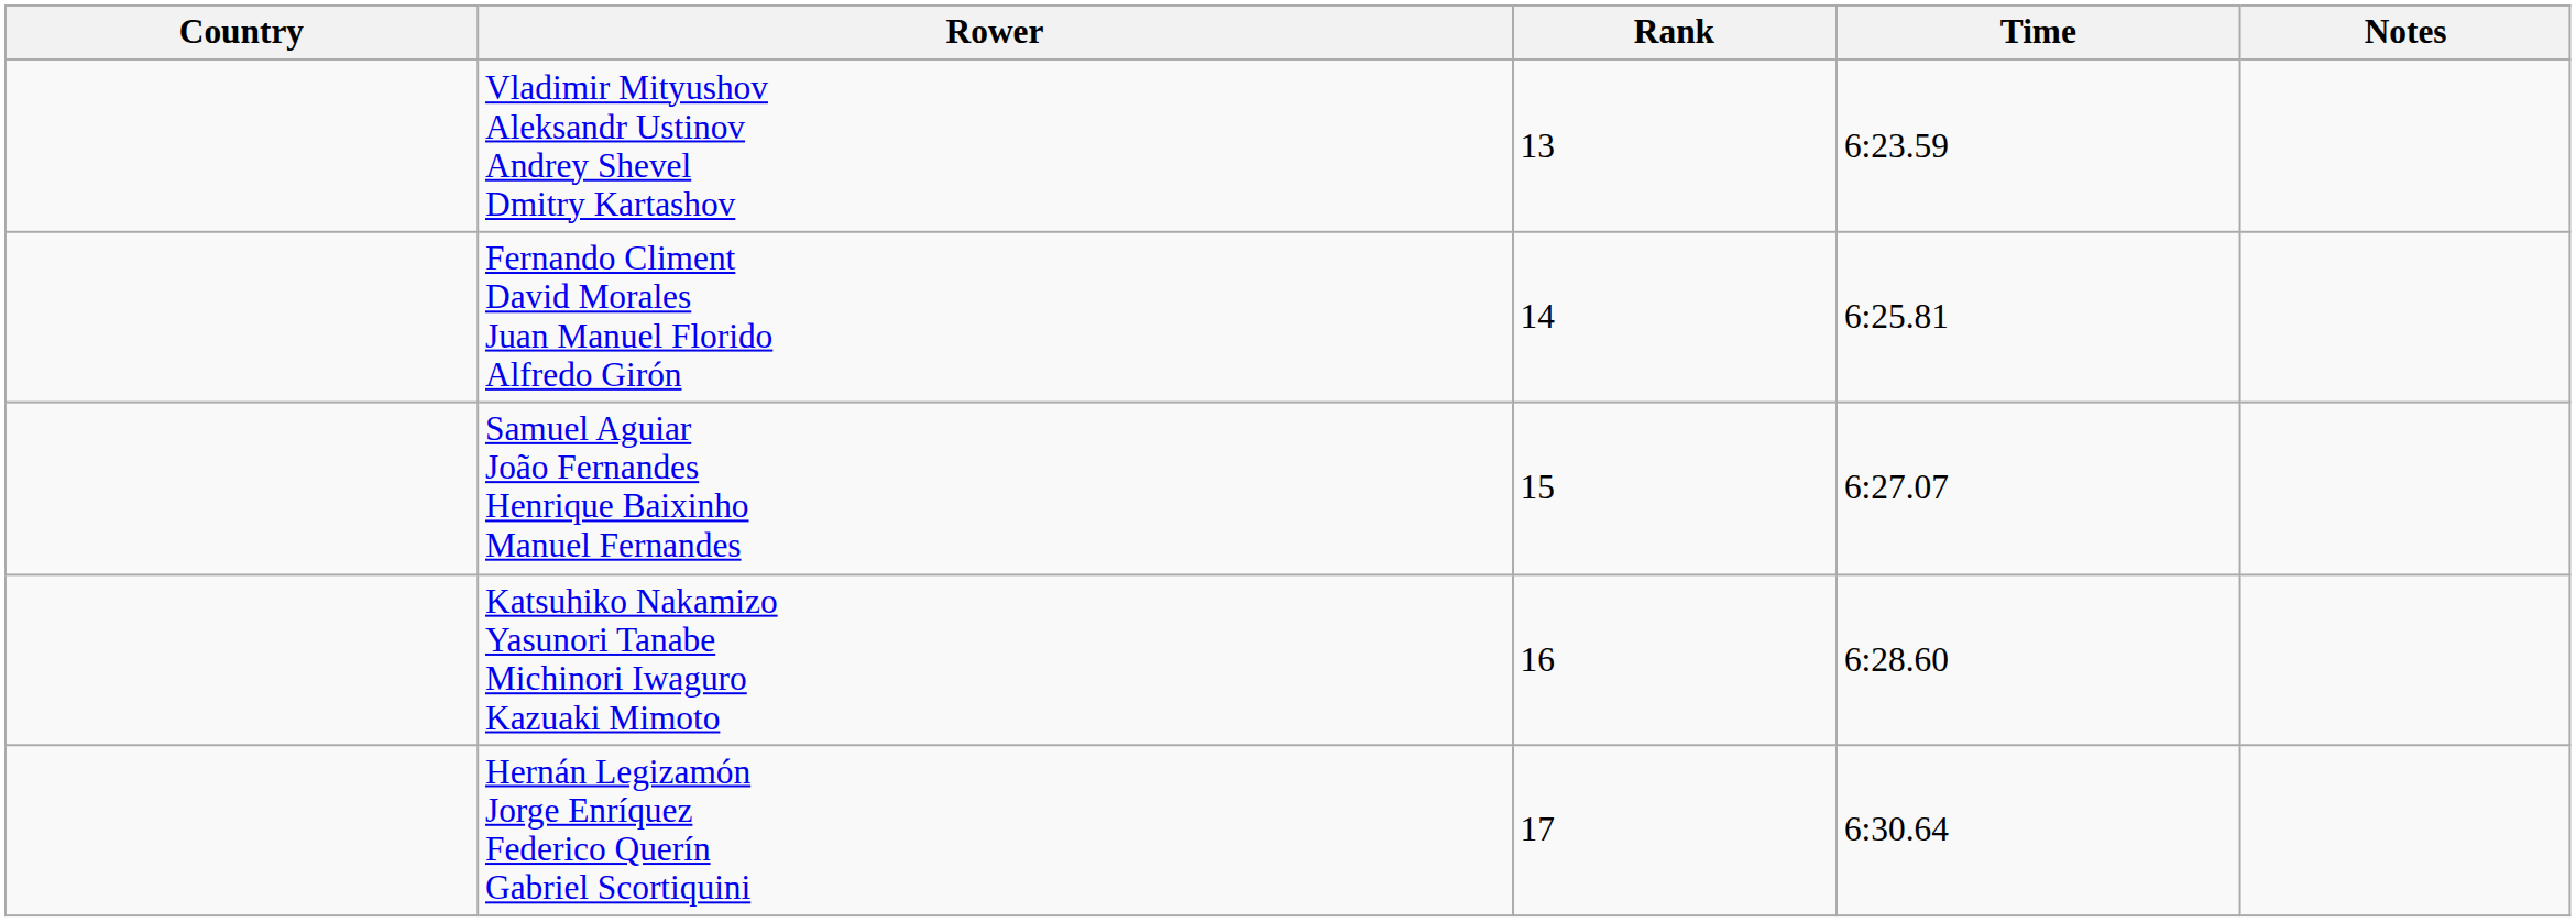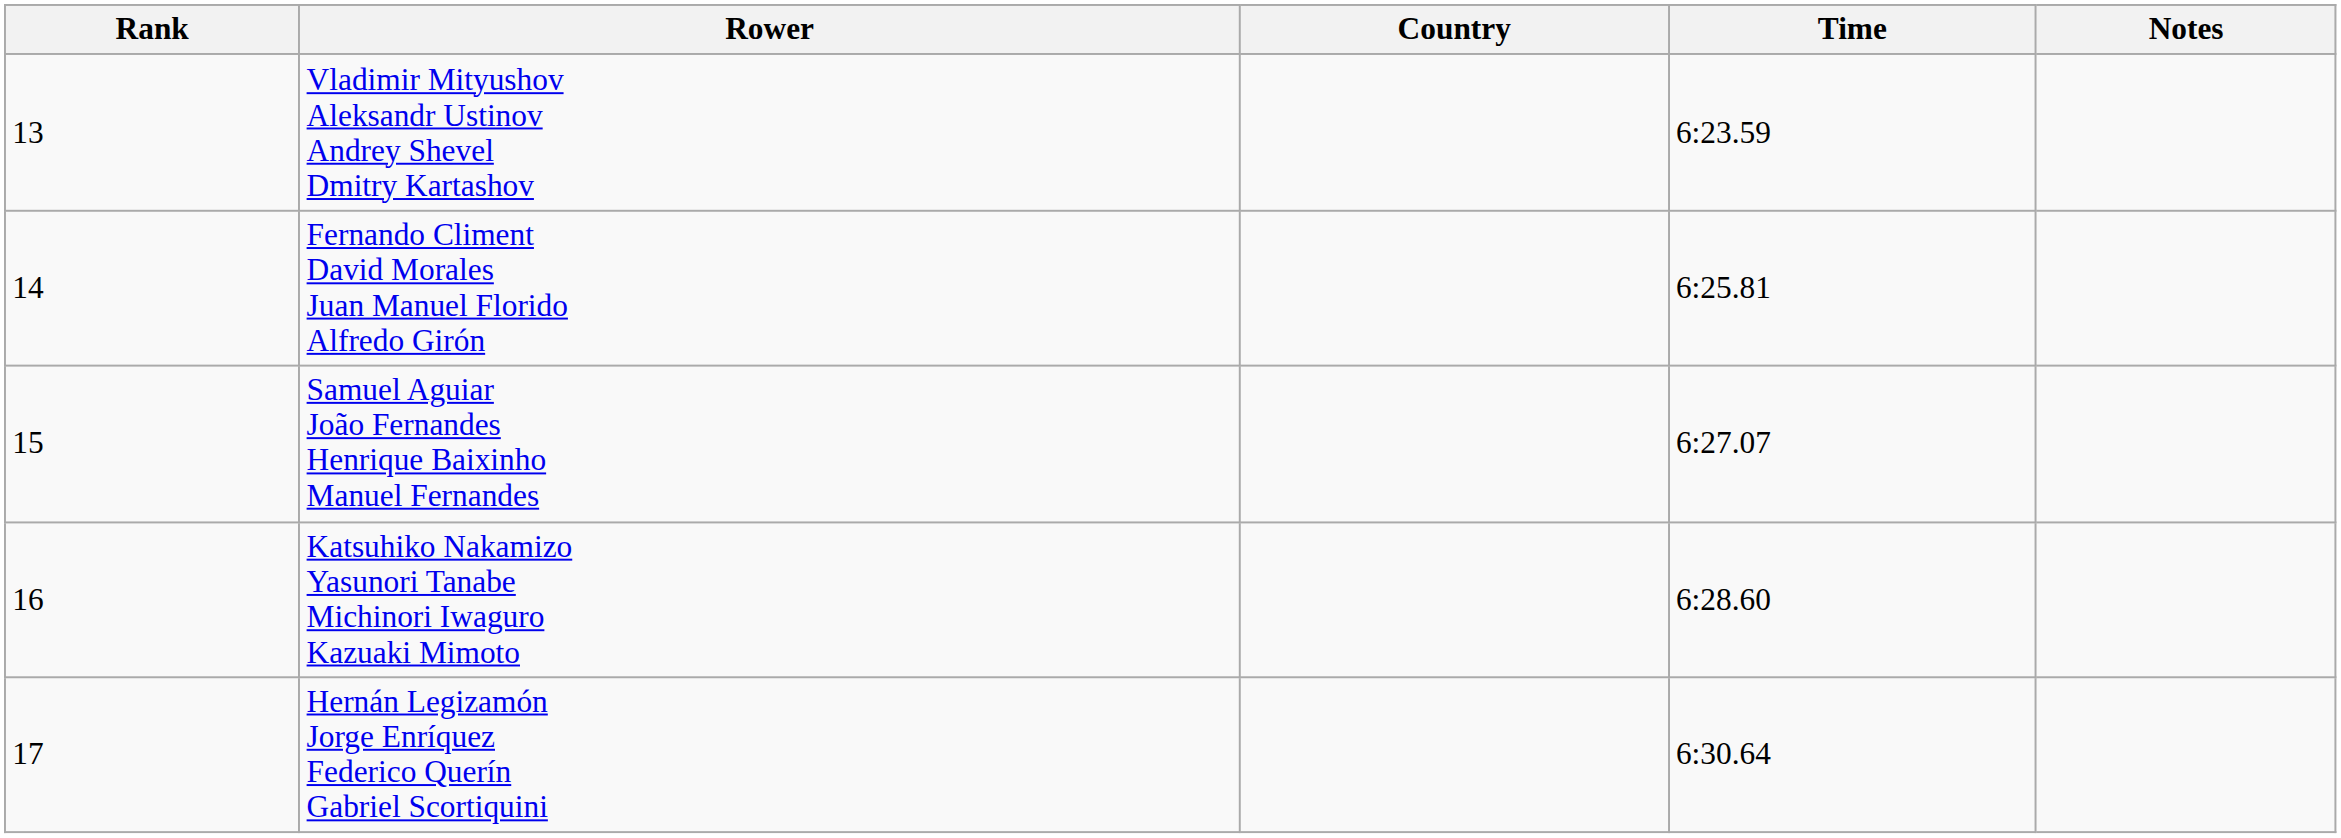 <table class="wikitable sortable" width=60%>
 <tr>
+<th>Rank</th>
+<th>Rower</th>
 <th>Country</th>
-<th>Rower</th>
-<th>Rank</th>
 <th>Time</th>
 <th>Notes</th>
 </tr>
 <tr>
+<td>13</td>
+<td><a href='#'>Vladimir Mityushov</a><br><a href='#'>Aleksandr Ustinov</a><br><a href='#'>Andrey Shevel</a><br><a href='#'>Dmitry Kartashov</a></td>
 <td></td>
-<td><a href='#'>Vladimir Mityushov</a><br><a href='#'>Aleksandr Ustinov</a><br><a href='#'>Andrey Shevel</a><br><a href='#'>Dmitry Kartashov</a></td>
-<td>13</td>
 <td>6:23.59</td>
 <td></td>
 </tr>
 <tr>
+<td>14</td>
+<td><a href='#'>Fernando Climent</a><br><a href='#'>David Morales</a><br><a href='#'>Juan Manuel Florido</a><br><a href='#'>Alfredo Girón</a></td>
 <td></td>
-<td><a href='#'>Fernando Climent</a><br><a href='#'>David Morales</a><br><a href='#'>Juan Manuel Florido</a><br><a href='#'>Alfredo Girón</a></td>
-<td>14</td>
 <td>6:25.81</td>
 <td></td>
 </tr>
 <tr>
+<td>15</td>
+<td><a href='#'>Samuel Aguiar</a><br><a href='#'>João Fernandes</a><br><a href='#'>Henrique Baixinho</a><br><a href='#'>Manuel Fernandes</a></td>
 <td></td>
-<td><a href='#'>Samuel Aguiar</a><br><a href='#'>João Fernandes</a><br><a href='#'>Henrique Baixinho</a><br><a href='#'>Manuel Fernandes</a></td>
-<td>15</td>
 <td>6:27.07</td>
 <td></td>
 </tr>
 <tr>
+<td>16</td>
+<td><a href='#'>Katsuhiko Nakamizo</a><br><a href='#'>Yasunori Tanabe</a><br><a href='#'>Michinori Iwaguro</a><br><a href='#'>Kazuaki Mimoto</a></td>
 <td></td>
-<td><a href='#'>Katsuhiko Nakamizo</a><br><a href='#'>Yasunori Tanabe</a><br><a href='#'>Michinori Iwaguro</a><br><a href='#'>Kazuaki Mimoto</a></td>
-<td>16</td>
 <td>6:28.60</td>
 <td></td>
 </tr>
 <tr>
+<td>17</td>
+<td><a href='#'>Hernán Legizamón</a><br><a href='#'>Jorge Enríquez</a><br><a href='#'>Federico Querín</a><br><a href='#'>Gabriel Scortiquini</a></td>
 <td></td>
-<td><a href='#'>Hernán Legizamón</a><br><a href='#'>Jorge Enríquez</a><br><a href='#'>Federico Querín</a><br><a href='#'>Gabriel Scortiquini</a></td>
-<td>17</td>
 <td>6:30.64</td>
 <td></td>
 </tr>
 </table>
